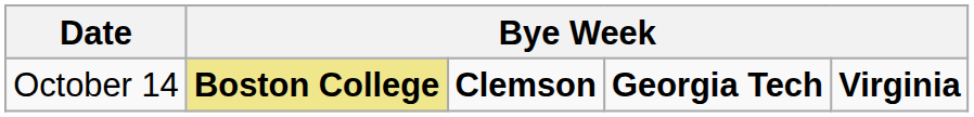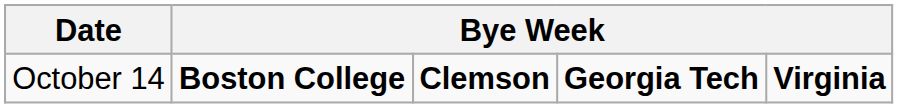 <table class="wikitable" style="font-size:95%;">
 <tr>
 <th>Date</th>
 <th colspan="4">Bye Week</th>
 </tr>
 <tr>
 <td>October 14</td>
-<td style="background: khaki;"><strong>Boston College</strong></td>
+<td><strong>Boston College</strong></td>
 <td><strong>Clemson</strong></td>
 <td><strong>Georgia Tech</strong></td>
 <td><strong>Virginia</strong></td>
 </tr>
 </table>
